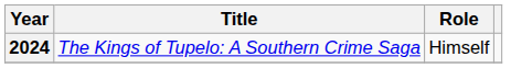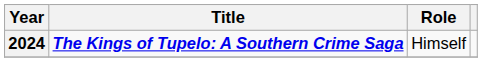 <table class="wikitable plainrowheaders sortable">
 <tr>
 <th scope="col">Year</th>
 <th scope="col">Title</th>
 <th scope="col">Role<br></th>
 <th scope="col" class="unsortable"></th>
 </tr>
 <tr>
 <th scope="row">2024</th>
-<td><em><a href='#'>The Kings of Tupelo: A Southern Crime Saga</a></em></td>
+<td><strong><em><a href='#'>The Kings of Tupelo: A Southern Crime Saga</a></em></strong></td>
 <td>Himself</td>
 <td style="text-align:center;"></td>
 </tr>
 <tr>
 </tr>
 </table>
